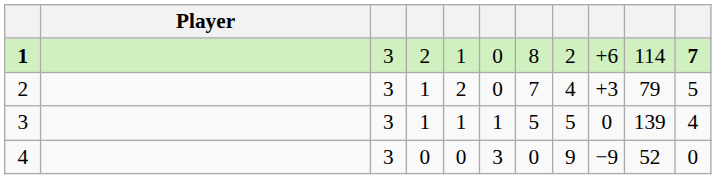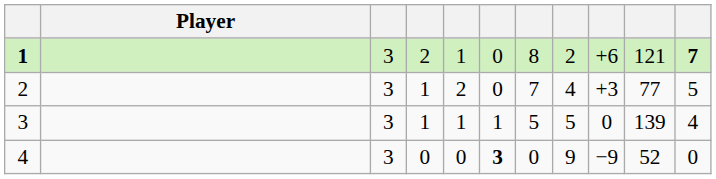 <table class="wikitable" style="text-align:center; margin: 1em auto 1em auto, align:left">
 <tr>
 <th width=20></th>
 <th width=240>Player</th>
 <th width=20></th>
 <th width=20></th>
 <th width=20></th>
 <th width=20></th>
 <th width=20></th>
 <th width=20></th>
 <th width=20></th>
 <th width=30></th>
 <th width=20></th>
 </tr>
 <tr style="background:#D0F0C0;">
 <td><strong>1</strong></td>
 <td align=left></td>
 <td>3</td>
 <td>2</td>
 <td>1</td>
 <td>0</td>
 <td>8</td>
 <td>2</td>
 <td>+6</td>
-<td>114</td>
+<td>121</td>
 <td><strong>7</strong></td>
 </tr>
 <tr style=>
 <td>2</td>
 <td align=left></td>
 <td>3</td>
 <td>1</td>
 <td>2</td>
 <td>0</td>
 <td>7</td>
 <td>4</td>
 <td>+3</td>
-<td>79</td>
+<td>77</td>
 <td>5</td>
 </tr>
 <tr style=>
 <td>3</td>
 <td align=left></td>
 <td>3</td>
 <td>1</td>
 <td>1</td>
 <td>1</td>
 <td>5</td>
 <td>5</td>
 <td>0</td>
 <td>139</td>
 <td>4</td>
 </tr>
 <tr style=>
 <td>4</td>
 <td align=left></td>
 <td>3</td>
 <td>0</td>
 <td>0</td>
-<td>3</td>
+<td><strong>3</strong></td>
 <td>0</td>
 <td>9</td>
 <td>−9</td>
 <td>52</td>
 <td>0</td>
 </tr>
 </table>
